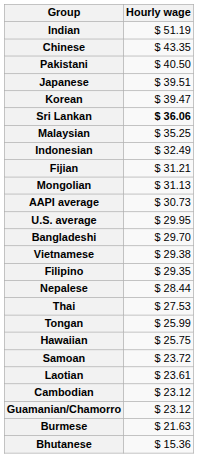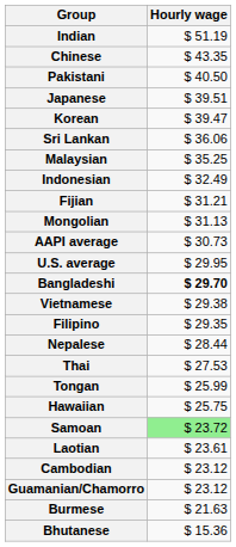 <table class="wikitable" style="text-align:right;">
 <tr>
 <th>Group</th>
 <th>Hourly wage</th>
 </tr>
 <tr>
 <th>Indian</th>
 <td>$ 51.19</td>
 </tr>
 <tr>
 <th>Chinese</th>
 <td>$ 43.35</td>
 </tr>
 <tr>
 <th>Pakistani</th>
 <td>$ 40.50</td>
 </tr>
 <tr>
 <th>Japanese</th>
 <td>$ 39.51</td>
 </tr>
 <tr>
 <th>Korean</th>
 <td>$ 39.47</td>
 </tr>
 <tr>
 <th>Sri Lankan</th>
-<td><strong>$ 36.06</strong></td>
+<td>$ 36.06</td>
 </tr>
 <tr>
 <th>Malaysian</th>
 <td>$ 35.25</td>
 </tr>
 <tr>
 <th>Indonesian</th>
 <td>$ 32.49</td>
 </tr>
 <tr>
 <th>Fijian</th>
 <td>$ 31.21</td>
 </tr>
 <tr>
 <th>Mongolian</th>
 <td>$ 31.13</td>
 </tr>
 <tr>
 <th>AAPI average</th>
 <td>$ 30.73</td>
 </tr>
 <tr>
 <th>U.S. average</th>
 <td>$ 29.95</td>
 </tr>
 <tr>
 <th>Bangladeshi</th>
-<td>$ 29.70</td>
+<td><strong>$ 29.70</strong></td>
 </tr>
 <tr>
 <th>Vietnamese</th>
 <td>$ 29.38</td>
 </tr>
 <tr>
 <th>Filipino</th>
 <td>$ 29.35</td>
 </tr>
 <tr>
 <th>Nepalese</th>
 <td>$ 28.44</td>
 </tr>
 <tr>
 <th>Thai</th>
 <td>$ 27.53</td>
 </tr>
 <tr>
 <th>Tongan</th>
 <td>$ 25.99</td>
 </tr>
 <tr>
 <th>Hawaiian</th>
 <td>$ 25.75</td>
 </tr>
 <tr>
 <th>Samoan</th>
-<td>$ 23.72</td>
+<td style="background: lightgreen;">$ 23.72</td>
 </tr>
 <tr>
 <th>Laotian</th>
 <td>$ 23.61</td>
 </tr>
 <tr>
 <th>Cambodian</th>
 <td>$ 23.12</td>
 </tr>
 <tr>
 <th>Guamanian/Chamorro</th>
 <td>$ 23.12</td>
 </tr>
 <tr>
 <th>Burmese</th>
 <td>$ 21.63</td>
 </tr>
 <tr>
 <th>Bhutanese</th>
 <td>$ 15.36</td>
 </tr>
 </table>
